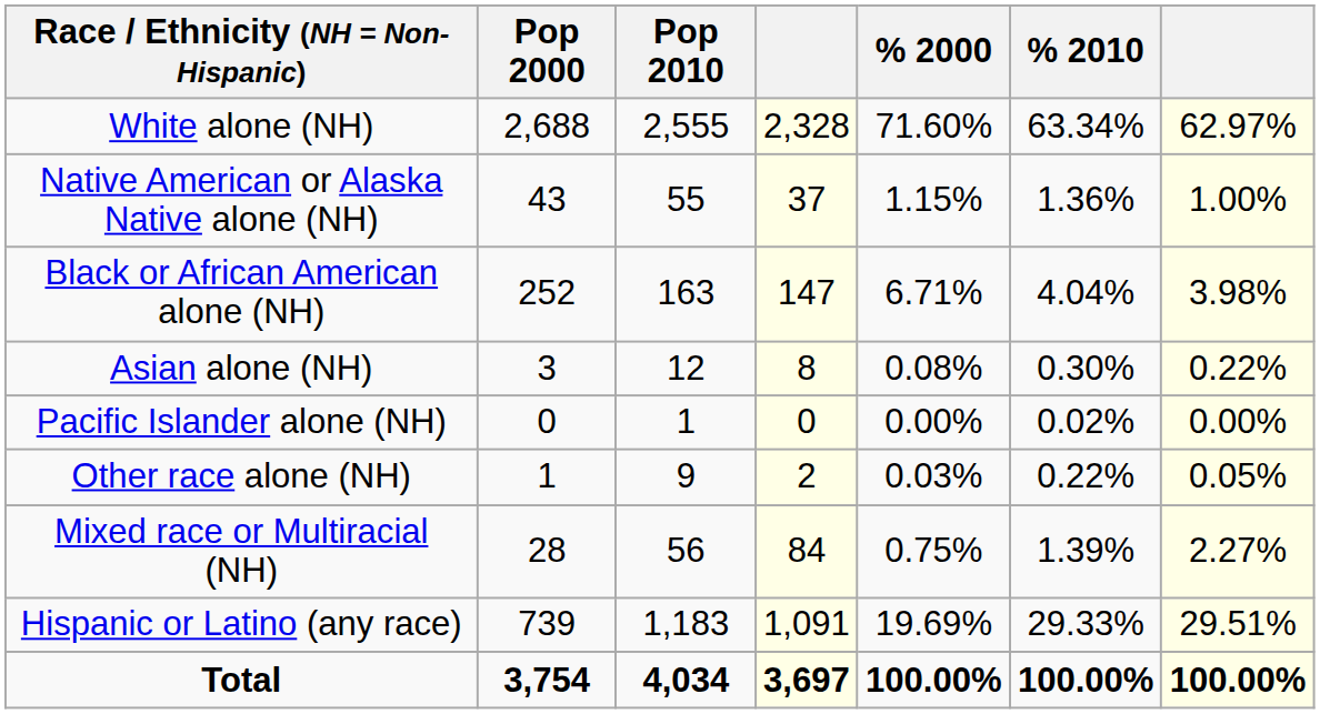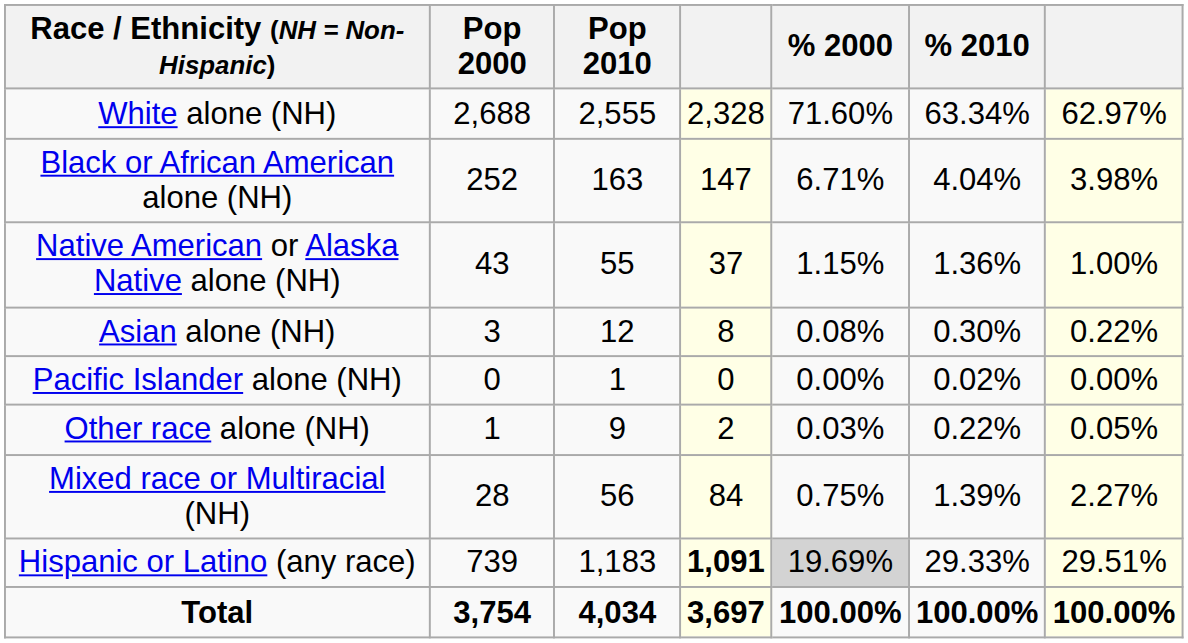 <table class="wikitable"  style="text-align:center;">
 <tr>
 <th>Race / Ethnicity <small>(<em>NH = Non-Hispanic</em>)</small></th>
 <th>Pop 2000</th>
 <th>Pop 2010</th>
 <th></th>
 <th>% 2000</th>
 <th>% 2010</th>
 <th></th>
 </tr>
 <tr>
 <td><a href='#'>White</a> alone (NH)</td>
 <td>2,688</td>
 <td>2,555</td>
 <td style='background: #ffffe6;'>2,328</td>
 <td>71.60%</td>
 <td>63.34%</td>
 <td style='background: #ffffe6;'>62.97%</td>
 </tr>
 <tr>
+<td><a href='#'>Black or African American</a> alone (NH)</td>
+<td>252</td>
+<td>163</td>
+<td style='background: #ffffe6;'>147</td>
+<td>6.71%</td>
+<td>4.04%</td>
+<td style='background: #ffffe6;'>3.98%</td>
+</tr>
+<tr>
 <td><a href='#'>Native American</a> or <a href='#'>Alaska Native</a> alone (NH)</td>
 <td>43</td>
 <td>55</td>
 <td style='background: #ffffe6;'>37</td>
 <td>1.15%</td>
 <td>1.36%</td>
 <td style='background: #ffffe6;'>1.00%</td>
-</tr>
-<tr>
-<td><a href='#'>Black or African American</a> alone (NH)</td>
-<td>252</td>
-<td>163</td>
-<td style='background: #ffffe6;'>147</td>
-<td>6.71%</td>
-<td>4.04%</td>
-<td style='background: #ffffe6;'>3.98%</td>
 </tr>
 <tr>
 <td><a href='#'>Asian</a> alone (NH)</td>
 <td>3</td>
 <td>12</td>
 <td style='background: #ffffe6;'>8</td>
 <td>0.08%</td>
 <td>0.30%</td>
 <td style='background: #ffffe6;'>0.22%</td>
 </tr>
 <tr>
 <td><a href='#'>Pacific Islander</a> alone (NH)</td>
 <td>0</td>
 <td>1</td>
 <td style='background: #ffffe6;'>0</td>
 <td>0.00%</td>
 <td>0.02%</td>
 <td style='background: #ffffe6;'>0.00%</td>
 </tr>
 <tr>
 <td><a href='#'>Other race</a> alone (NH)</td>
 <td>1</td>
 <td>9</td>
 <td style='background: #ffffe6;'>2</td>
 <td>0.03%</td>
 <td>0.22%</td>
 <td style='background: #ffffe6;'>0.05%</td>
 </tr>
 <tr>
 <td><a href='#'>Mixed race or Multiracial</a> (NH)</td>
 <td>28</td>
 <td>56</td>
 <td style='background: #ffffe6;'>84</td>
 <td>0.75%</td>
 <td>1.39%</td>
 <td style='background: #ffffe6;'>2.27%</td>
 </tr>
 <tr>
 <td><a href='#'>Hispanic or Latino</a> (any race)</td>
 <td>739</td>
 <td>1,183</td>
-<td style='background: #ffffe6;'>1,091</td>
-<td>19.69%</td>
+<td style='background: #ffffe6;'><strong>1,091</strong></td>
+<td style="background: lightgrey;">19.69%</td>
 <td>29.33%</td>
 <td style='background: #ffffe6;'>29.51%</td>
 </tr>
 <tr>
 <td><strong>Total</strong></td>
 <td><strong>3,754</strong></td>
 <td><strong>4,034</strong></td>
 <td style='background: #ffffe6;'><strong>3,697</strong></td>
 <td><strong>100.00%</strong></td>
 <td><strong>100.00%</strong></td>
 <td style='background: #ffffe6;'><strong>100.00%</strong></td>
 </tr>
 </table>
